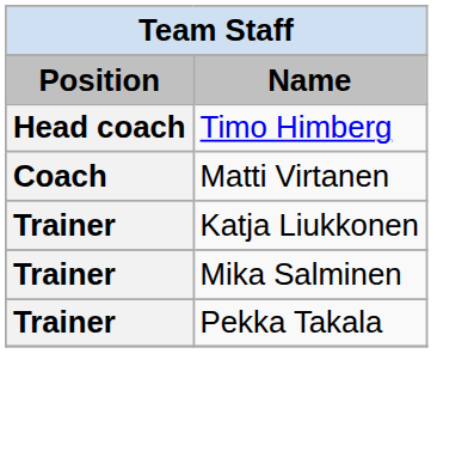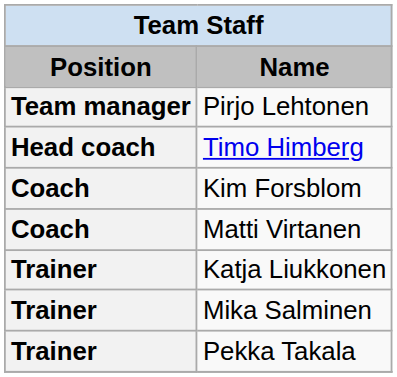 <table class="wikitable" style="text-align:left; font-size:90%;">
 <tr>
 <th style=background:#CEE0F2 colspan=2><span>Team Staff</span></th>
 </tr>
 <tr>
 <th style="background:silver;">Position</th>
 <th style="background:silver;">Name</th>
 </tr>
 <tr>
+<th style="text-align:left;">Team manager</th>
+<td>Pirjo Lehtonen</td>
+</tr>
+<tr>
 <th style="text-align:left;">Head coach</th>
 <td><a href='#'>Timo Himberg</a>⁣⁣</td>
+</tr>
+<tr>
+<th style="text-align:left;">Coach</th>
+<td>Kim Forsblom</td>
 </tr>
 <tr>
 <th style="text-align:left;">Coach</th>
 <td>Matti Virtanen</td>
 </tr>
 <tr>
 <th style="text-align:left;">Trainer</th>
 <td>Katja Liukkonen</td>
 </tr>
 <tr>
 <th style="text-align:left;">Trainer</th>
 <td>Mika Salminen</td>
 </tr>
 <tr>
 <th style="text-align:left;">Trainer</th>
 <td>Pekka Takala</td>
 </tr>
 <tr>
 </tr>
 </table>
